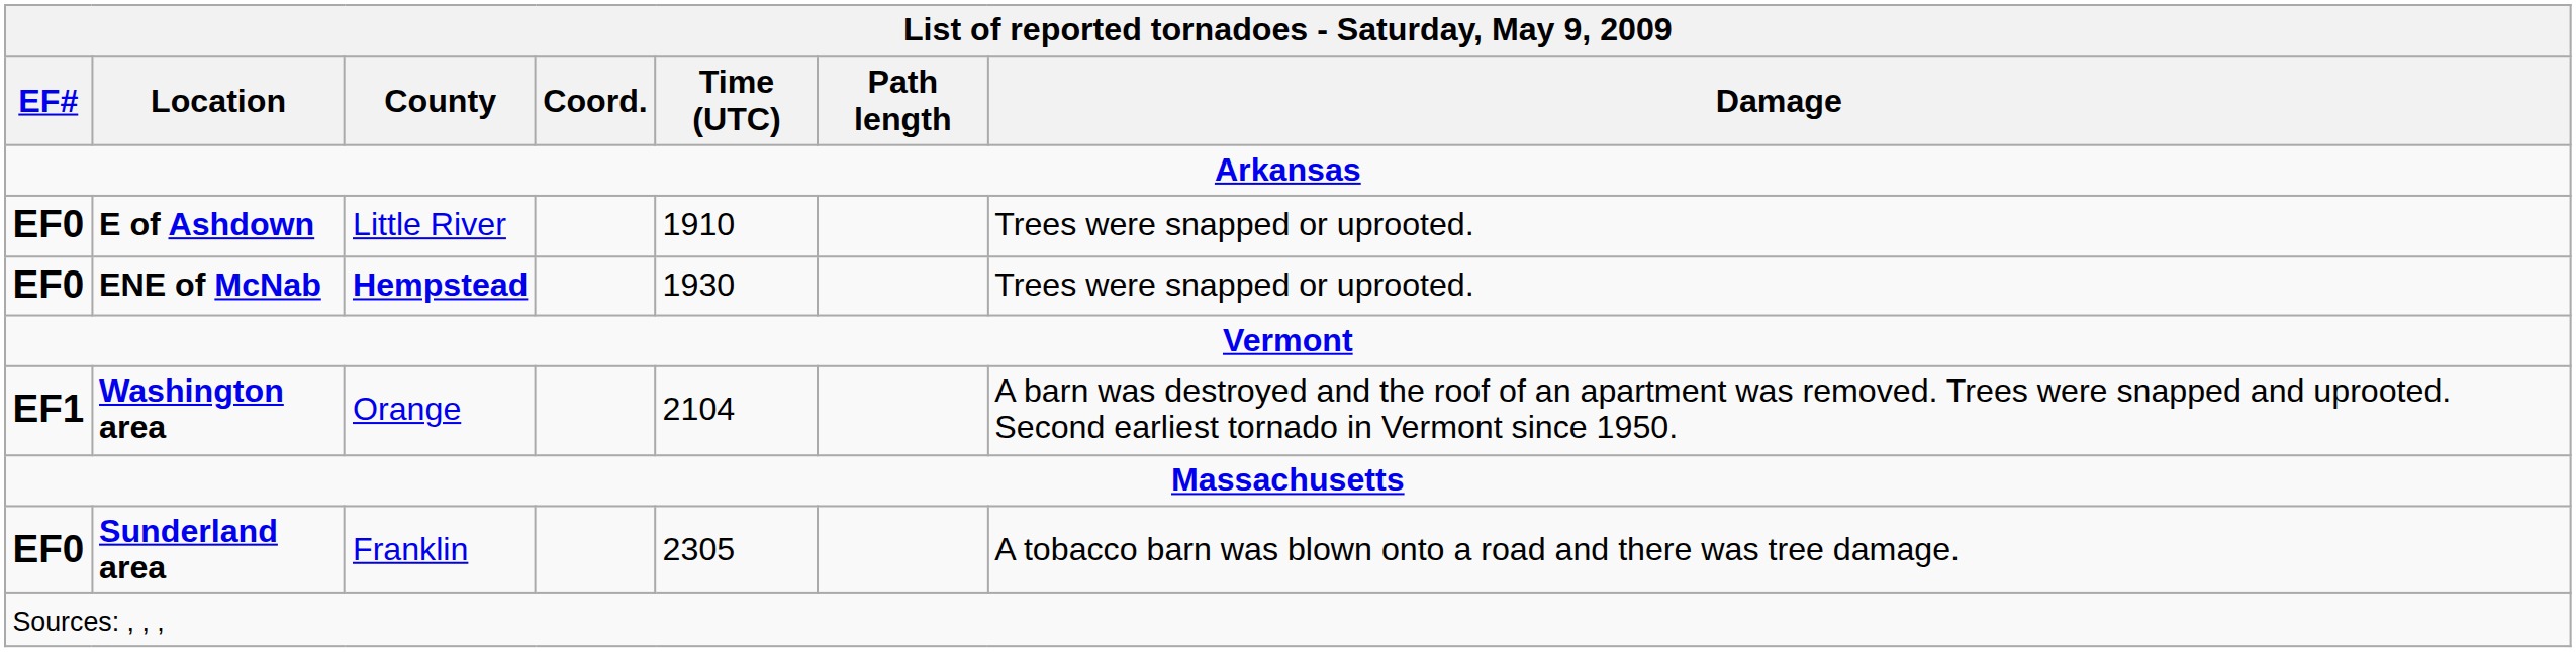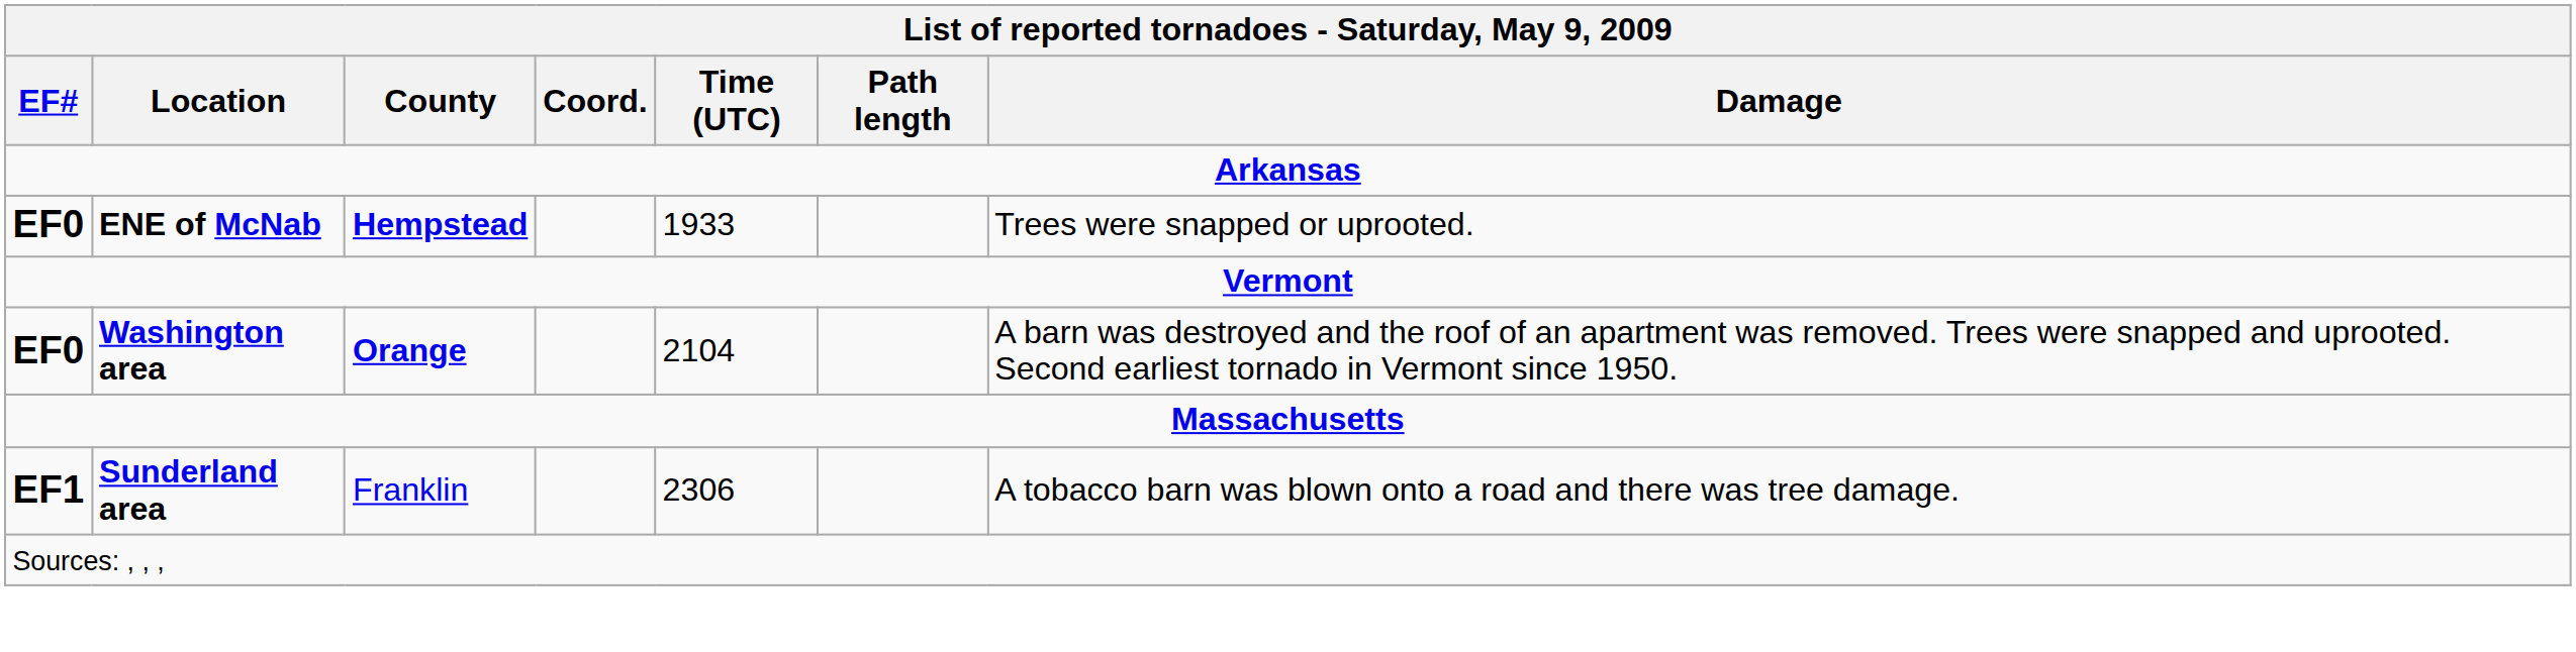 <table class="wikitable collapsible" width="100%">
 <tr>
 <th colspan="7">List of reported tornadoes - Saturday, May 9, 2009</th>
 </tr>
 <tr>
 <th><a href='#'>EF#</a></th>
 <th>Location</th>
 <th>County</th>
 <th>Coord.</th>
 <th>Time (UTC)</th>
 <th>Path length</th>
 <th>Damage</th>
 </tr>
 <tr>
 <td colspan="7" align=center><strong><a href='#'>Arkansas</a></strong></td>
 </tr>
 <tr>
 <td><big><strong>EF0</strong></big></td>
-<td><strong>E of <a href='#'>Ashdown</a></strong></td>
-<td><a href='#'>Little River</a></td>
-<td></td>
-<td>1910</td>
-<td></td>
-<td>Trees were snapped or uprooted.</td>
-</tr>
-<tr>
-<td><big><strong>EF0</strong></big></td>
 <td><strong>ENE of <a href='#'>McNab</a></strong></td>
 <td><strong><a href='#'>Hempstead</a></strong></td>
 <td></td>
-<td>1930</td>
+<td>1933</td>
 <td></td>
 <td>Trees were snapped or uprooted.</td>
 </tr>
 <tr>
 <td colspan="7" align=center><strong><a href='#'>Vermont</a></strong></td>
 </tr>
 <tr>
-<td><big><strong>EF1</strong></big></td>
+<td><big><strong>EF0</strong></big></td>
 <td><strong><a href='#'>Washington</a> area</strong></td>
-<td><a href='#'>Orange</a></td>
+<td><strong><a href='#'>Orange</a></strong></td>
 <td></td>
 <td>2104</td>
 <td></td>
 <td>A barn was destroyed and the roof of an apartment was removed. Trees were snapped and uprooted. Second earliest tornado in Vermont since 1950.</td>
 </tr>
 <tr>
 <td colspan="7" align=center><strong><a href='#'>Massachusetts</a></strong></td>
 </tr>
 <tr>
-<td><big><strong>EF0</strong></big></td>
+<td><big><strong>EF1</strong></big></td>
 <td><strong><a href='#'>Sunderland</a> area</strong></td>
 <td><a href='#'>Franklin</a></td>
 <td></td>
-<td>2305</td>
+<td>2306</td>
 <td></td>
 <td>A tobacco barn was blown onto a road and there was tree damage.</td>
 </tr>
 <tr>
 <td colspan="7"><small>Sources: , , , </small></td>
 </tr>
 </table>
